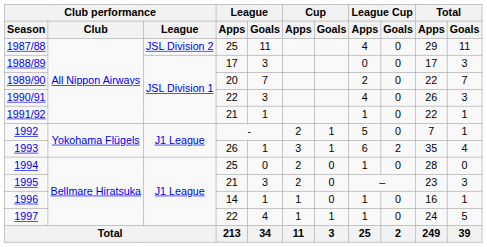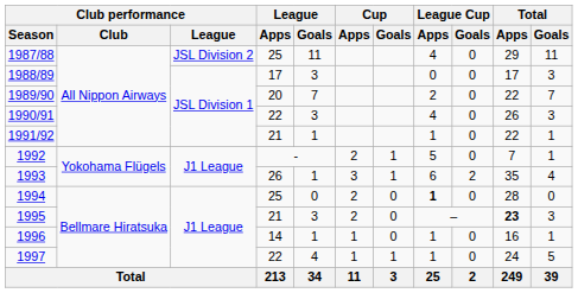 <table class="wikitable" style="text-align:center;">
 <tr>
 <th colspan=3>Club performance</th>
 <th colspan=2>League</th>
 <th colspan=2>Cup</th>
 <th colspan=2>League Cup</th>
 <th colspan=2>Total</th>
 </tr>
 <tr>
 <th>Season</th>
 <th>Club</th>
 <th>League</th>
 <th>Apps</th>
 <th>Goals</th>
 <th>Apps</th>
 <th>Goals</th>
 <th>Apps</th>
 <th>Goals</th>
 <th>Apps</th>
 <th>Goals</th>
 </tr>
 <tr>
 <td><a href='#'>1987/88</a></td>
 <td rowspan="5"><a href='#'>All Nippon Airways</a></td>
 <td><a href='#'>JSL Division 2</a></td>
 <td>25</td>
 <td>11</td>
 <td></td>
 <td></td>
 <td>4</td>
 <td>0</td>
 <td>29</td>
 <td>11</td>
 </tr>
 <tr>
 <td><a href='#'>1988/89</a></td>
 <td rowspan="4"><a href='#'>JSL Division 1</a></td>
 <td>17</td>
 <td>3</td>
 <td></td>
 <td></td>
 <td>0</td>
 <td>0</td>
 <td>17</td>
 <td>3</td>
 </tr>
 <tr>
 <td><a href='#'>1989/90</a></td>
 <td>20</td>
 <td>7</td>
 <td></td>
 <td></td>
 <td>2</td>
 <td>0</td>
 <td>22</td>
 <td>7</td>
 </tr>
 <tr>
 <td><a href='#'>1990/91</a></td>
 <td>22</td>
 <td>3</td>
 <td></td>
 <td></td>
 <td>4</td>
 <td>0</td>
 <td>26</td>
 <td>3</td>
 </tr>
 <tr>
 <td><a href='#'>1991/92</a></td>
 <td>21</td>
 <td>1</td>
 <td></td>
 <td></td>
 <td>1</td>
 <td>0</td>
 <td>22</td>
 <td>1</td>
 </tr>
 <tr>
 <td><a href='#'>1992</a></td>
 <td rowspan="2"><a href='#'>Yokohama Flügels</a></td>
 <td rowspan="2"><a href='#'>J1 League</a></td>
 <td colspan=2>-</td>
 <td>2</td>
 <td>1</td>
 <td>5</td>
 <td>0</td>
 <td>7</td>
 <td>1</td>
 </tr>
 <tr>
 <td><a href='#'>1993</a></td>
 <td>26</td>
 <td>1</td>
 <td>3</td>
 <td>1</td>
 <td>6</td>
 <td>2</td>
 <td>35</td>
 <td>4</td>
 </tr>
 <tr>
 <td><a href='#'>1994</a></td>
 <td rowspan="4"><a href='#'>Bellmare Hiratsuka</a></td>
 <td rowspan="4"><a href='#'>J1 League</a></td>
 <td>25</td>
 <td>0</td>
 <td>2</td>
 <td>0</td>
-<td>1</td>
+<td><strong>1</strong></td>
 <td>0</td>
 <td>28</td>
 <td>0</td>
 </tr>
 <tr>
 <td><a href='#'>1995</a></td>
 <td>21</td>
 <td>3</td>
 <td>2</td>
 <td>0</td>
 <td colspan=2>–</td>
-<td>23</td>
+<td><strong>23</strong></td>
 <td>3</td>
 </tr>
 <tr>
 <td><a href='#'>1996</a></td>
 <td>14</td>
 <td>1</td>
 <td>1</td>
 <td>0</td>
 <td>1</td>
 <td>0</td>
 <td>16</td>
 <td>1</td>
 </tr>
 <tr>
 <td><a href='#'>1997</a></td>
 <td>22</td>
 <td>4</td>
 <td>1</td>
 <td>1</td>
 <td>1</td>
 <td>0</td>
 <td>24</td>
 <td>5</td>
 </tr>
 <tr>
 <th colspan=3>Total</th>
 <th>213</th>
 <th>34</th>
 <th>11</th>
 <th>3</th>
 <th>25</th>
 <th>2</th>
 <th>249</th>
 <th>39</th>
 </tr>
 </table>
